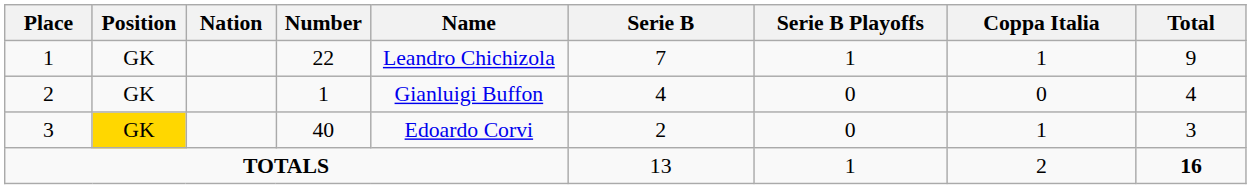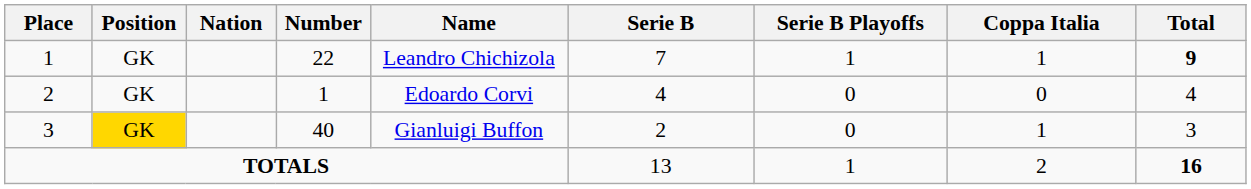 <table class="wikitable" style="font-size: 95%; text-align: center;">
 <tr>
 <th width=60>Place</th>
 <th width=60>Position</th>
 <th width=60>Nation</th>
 <th width=60>Number</th>
 <th width=150>Name</th>
 <th width=150>Serie B</th>
 <th width=150>Serie B Playoffs</th>
 <th width=150>Coppa Italia</th>
 <th width=80><strong>Total</strong></th>
 </tr>
 <tr>
 <td>1</td>
 <td>GK</td>
 <td></td>
 <td>22</td>
 <td><a href='#'>Leandro Chichizola</a></td>
 <td>7</td>
 <td>1</td>
 <td>1</td>
-<td>9</td>
+<td><strong>9</strong></td>
 </tr>
 <tr>
 <td>2</td>
 <td>GK</td>
 <td></td>
 <td>1</td>
-<td><a href='#'>Gianluigi Buffon</a></td>
+<td><a href='#'>Edoardo Corvi</a></td>
 <td>4</td>
 <td>0</td>
 <td>0</td>
 <td>4</td>
 </tr>
 <tr>
 <td>3</td>
 <td style="background: gold;">GK</td>
 <td></td>
 <td>40</td>
-<td><a href='#'>Edoardo Corvi</a></td>
+<td><a href='#'>Gianluigi Buffon</a></td>
 <td>2</td>
 <td>0</td>
 <td>1</td>
 <td>3</td>
 </tr>
 <tr>
 <td colspan="5"><strong>TOTALS</strong></td>
 <td>13</td>
 <td>1</td>
 <td>2</td>
 <td><strong>16</strong></td>
 </tr>
 </table>
